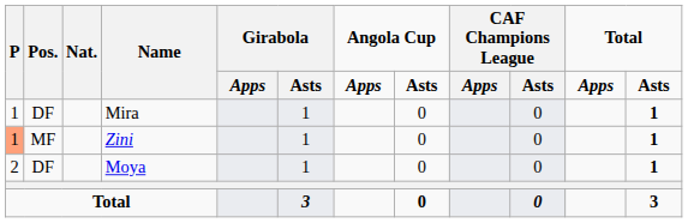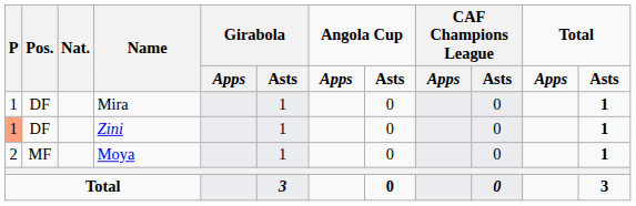 <table class="wikitable sortable" style="text-align:center">
 <tr>
 <th style="text-align:center;" rowspan="2">P</th>
 <th style="text-align:center;" rowspan="2">Pos.</th>
 <th style="text-align:center;" rowspan="2">Nat.</th>
 <th style="text-align:center; width:100px;" rowspan="2">Name</th>
 <th style="text-align:center; width:100px;" colspan="2">Girabola</th>
 <td style="text-align:center; width:100px;" colspan="2"><strong>Angola Cup</strong></td>
 <th style="text-align:center; width:100px;" colspan="2">CAF Champions League</th>
 <td style="text-align:center; width:100px;" colspan="2"><strong>Total</strong></td>
 </tr>
 <tr>
 <th style="text-align:center;"><em>Apps</em></th>
 <th style="text-align:center;">Asts</th>
 <td style="text-align:center;"><strong><em>Apps</em></strong></td>
 <td style="text-align:center;"><strong>Asts</strong></td>
 <th style="text-align:center;"><em>Apps</em></th>
 <th style="text-align:center;">Asts</th>
 <td style="text-align:center;"><strong><em>Apps</em></strong></td>
 <td style="text-align:center;"><strong>Asts</strong></td>
 </tr>
 <tr>
 <td>1</td>
 <td>DF</td>
 <td></td>
 <td align=left>Mira</td>
 <td style="background:#eaecf0;"><em></em></td>
 <td style="background:#eaecf0;">1</td>
 <td><em></em></td>
 <td>0</td>
 <td style="background:#eaecf0;"><em></em></td>
 <td style="background:#eaecf0;">0</td>
 <td><strong><em></em></strong></td>
 <td><strong>1</strong></td>
 </tr>
 <tr>
 <td style="background: lightsalmon;">1</td>
-<td>MF</td>
+<td>DF</td>
 <td></td>
 <td align=left><em><a href='#'>Zini</a></em></td>
 <td style="background:#eaecf0;"><em></em></td>
 <td style="background:#eaecf0;">1</td>
 <td><em></em></td>
 <td>0</td>
 <td style="background:#eaecf0;"><em></em></td>
 <td style="background:#eaecf0;">0</td>
 <td><strong><em></em></strong></td>
 <td><strong>1</strong></td>
 </tr>
 <tr>
 <td>2</td>
-<td>DF</td>
+<td>MF</td>
 <td></td>
 <td align=left><a href='#'>Moya</a></td>
 <td style="background:#eaecf0;"><em></em></td>
 <td style="background:#eaecf0;">1</td>
 <td><em></em></td>
 <td>0</td>
 <td style="background:#eaecf0;"><em></em></td>
 <td style="background:#eaecf0;">0</td>
 <td><strong><em></em></strong></td>
 <td><strong>1</strong></td>
 </tr>
 <tr>
 <th colspan=14></th>
 </tr>
 <tr>
 <td colspan=4><strong>Total</strong></td>
 <td style="background:#eaecf0;"></td>
 <td style="background:#eaecf0;"><strong><em>3</em></strong></td>
 <td></td>
 <td><strong>0</strong></td>
 <td style="background:#eaecf0;"></td>
 <td style="background:#eaecf0;"><strong><em>0</em></strong></td>
 <td></td>
 <td><strong>3</strong></td>
 </tr>
 </table>
